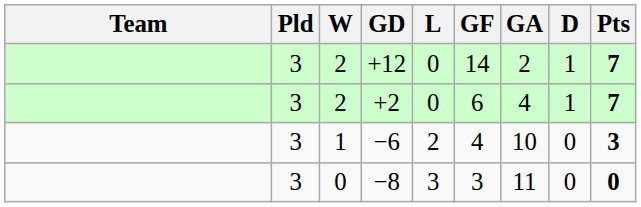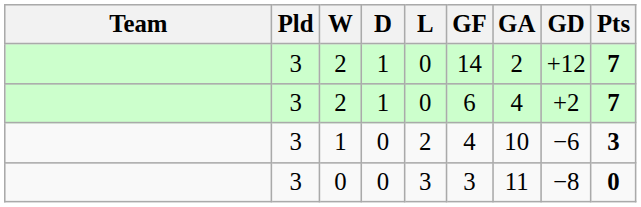 <table class="wikitable" style="text-align:center;">
 <tr>
 <th width=165>Team</th>
 <th width=20>Pld</th>
 <th width=20>W</th>
-<th width=20>GD</th>
+<th width=20>D</th>
 <th width=20>L</th>
 <th width=20>GF</th>
 <th width=20>GA</th>
-<th width=20>D</th>
+<th width=20>GD</th>
 <th width=20>Pts</th>
 </tr>
 <tr align=center style="background:#ccffcc;">
 <td style="text-align:left;"></td>
 <td>3</td>
 <td>2</td>
-<td>+12</td>
+<td>1</td>
 <td>0</td>
 <td>14</td>
 <td>2</td>
-<td>1</td>
+<td>+12</td>
 <td><strong>7</strong></td>
 </tr>
 <tr align=center style="background:#ccffcc;">
 <td style="text-align:left;"></td>
 <td>3</td>
 <td>2</td>
-<td>+2</td>
+<td>1</td>
 <td>0</td>
 <td>6</td>
 <td>4</td>
-<td>1</td>
+<td>+2</td>
 <td><strong>7</strong></td>
 </tr>
 <tr>
 <td style="text-align:left;"></td>
 <td>3</td>
 <td>1</td>
-<td>−6</td>
+<td>0</td>
 <td>2</td>
 <td>4</td>
 <td>10</td>
-<td>0</td>
+<td>−6</td>
 <td><strong>3</strong></td>
 </tr>
 <tr>
 <td style="text-align:left;"></td>
 <td>3</td>
 <td>0</td>
-<td>−8</td>
+<td>0</td>
 <td>3</td>
 <td>3</td>
 <td>11</td>
-<td>0</td>
+<td>−8</td>
 <td><strong>0</strong></td>
 </tr>
 </table>
